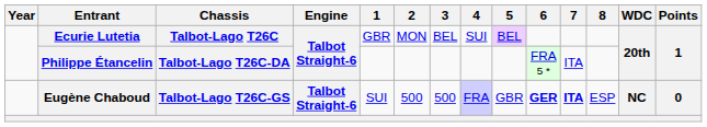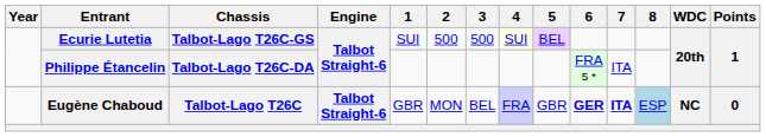 <table class="wikitable" style="text-align:center; font-size:90%">
 <tr>
 <th>Year</th>
 <th>Entrant</th>
 <th>Chassis</th>
 <th>Engine</th>
 <th>1</th>
 <th>2</th>
 <th>3</th>
 <th>4</th>
 <th>5</th>
 <th>6</th>
 <th>7</th>
 <th>8</th>
 <th>WDC</th>
 <th>Points</th>
 </tr>
 <tr>
 <td rowspan=2></td>
 <th><a href='#'>Ecurie Lutetia</a></th>
-<th><a href='#'>Talbot-Lago</a> <a href='#'>T26C</a></th>
+<th><a href='#'>Talbot-Lago</a> <a href='#'>T26C-GS</a></th>
 <th rowspan=2><a href='#'>Talbot</a><br><a href='#'>Straight-6</a></th>
-<td><a href='#'>GBR</a></td>
-<td><a href='#'>MON</a></td>
-<td><a href='#'>BEL</a></td>
 <td><a href='#'>SUI</a></td>
+<td><a href='#'>500</a></td>
+<td><a href='#'>500</a></td>
+<td style="background: lightyellow;"><a href='#'>SUI</a></td>
 <td style="background:#EFCFFF;"><a href='#'>BEL</a><br></td>
 <td></td>
 <td></td>
 <td></td>
 <th rowspan=2>20th</th>
 <th rowspan=2>1</th>
 </tr>
 <tr>
 <th><a href='#'>Philippe Étancelin</a></th>
 <th><a href='#'>Talbot-Lago</a> <a href='#'>T26C-DA</a></th>
 <td></td>
 <td></td>
 <td></td>
 <td></td>
 <td></td>
 <td style="background:#DFFFDF;"><a href='#'>FRA</a><br><small>5 *</small></td>
 <td><a href='#'>ITA</a></td>
 <td></td>
 </tr>
 <tr>
 <td></td>
 <th>Eugène Chaboud</th>
-<th><a href='#'>Talbot-Lago</a> <a href='#'>T26C-GS</a></th>
+<th><a href='#'>Talbot-Lago</a> <a href='#'>T26C</a></th>
 <th><a href='#'>Talbot</a><br><a href='#'>Straight-6</a></th>
-<td><a href='#'>SUI</a></td>
-<td><a href='#'>500</a></td>
-<td><a href='#'>500</a></td>
+<td><a href='#'>GBR</a></td>
+<td><a href='#'>MON</a></td>
+<td><a href='#'>BEL</a></td>
 <td style="background:#CFCFFF;"><a href='#'>FRA</a><br></td>
 <td><a href='#'>GBR</a></td>
 <td><strong><a href='#'>GER</a></strong></td>
 <td><strong><a href='#'>ITA</a></strong></td>
-<td><a href='#'>ESP</a></td>
+<td style="background: lightblue;"><a href='#'>ESP</a></td>
 <th>NC</th>
 <th>0</th>
 </tr>
 <tr>
 <th colspan="16"></th>
 </tr>
 </table>
